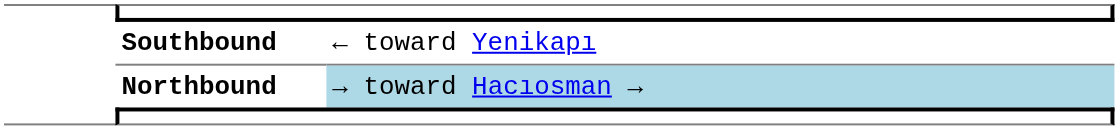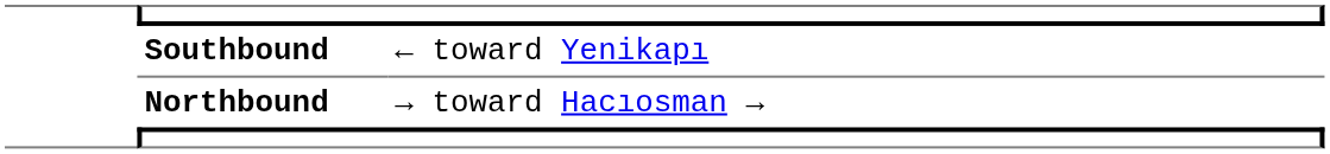 <table cellspacing=0 cellpadding=3>
 <tr>
 <td style="border-top:solid 1px gray;border-bottom:solid 1px gray;vertical-align:top;" width=50 rowspan=4></td>
 <td style="border-top:solid 1px gray;border-right:solid 2px black;border-left:solid 2px black;border-bottom:solid 2px black;text-align:center;" colspan=2></td>
 </tr>
 <tr>
 <td style="border-bottom:solid 1px gray;" width=100><strong>Southbound</strong></td>
 <td style="border-bottom:solid 1px gray;" width=390>←  toward <a href='#'>Yenikapı</a></td>
 </tr>
 <tr>
 <td><strong>Northbound</strong></td>
-<td style="background: lightblue;"><span>→</span>  toward <a href='#'>Hacıosman</a>  →</td>
+<td><span>→</span>  toward <a href='#'>Hacıosman</a>  →</td>
 </tr>
 <tr>
 <td style="border-bottom:solid 1px gray;border-top:solid 2px black;border-right:solid 2px black;border-left:solid 2px black;text-align:center;" colspan=2></td>
 </tr>
 </table>
